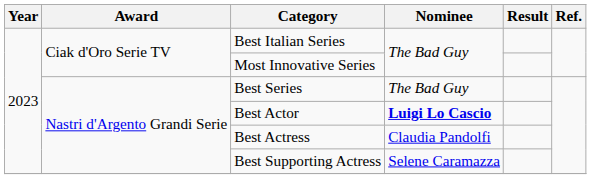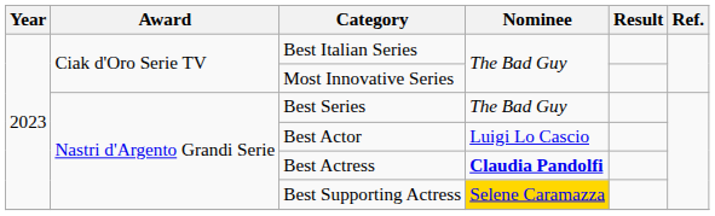 <table class="wikitable">
 <tr>
 <th>Year</th>
 <th>Award</th>
 <th>Category</th>
 <th>Nominee</th>
 <th>Result</th>
 <th>Ref.</th>
 </tr>
 <tr>
 <td rowspan="6">2023</td>
 <td rowspan="2">Ciak d'Oro Serie TV</td>
 <td>Best Italian Series</td>
 <td rowspan="2"><em>The Bad Guy</em></td>
 <td></td>
 <td rowspan="2"></td>
 </tr>
 <tr>
 <td>Most Innovative Series</td>
 <td></td>
 </tr>
 <tr>
 <td rowspan="4"><a href='#'>Nastri d'Argento</a> Grandi Serie</td>
 <td>Best Series</td>
 <td><em>The Bad Guy</em></td>
 <td></td>
 <td rowspan="4"></td>
 </tr>
 <tr>
 <td>Best Actor</td>
-<td><strong><a href='#'>Luigi Lo Cascio</a></strong></td>
+<td><a href='#'>Luigi Lo Cascio</a></td>
 <td></td>
 </tr>
 <tr>
 <td>Best Actress</td>
-<td><a href='#'>Claudia Pandolfi</a></td>
+<td><strong><a href='#'>Claudia Pandolfi</a></strong></td>
 <td></td>
 </tr>
 <tr>
 <td>Best Supporting Actress</td>
-<td><a href='#'>Selene Caramazza</a></td>
+<td style="background: gold;"><a href='#'>Selene Caramazza</a></td>
 <td></td>
 </tr>
 <tr>
 </tr>
 </table>
